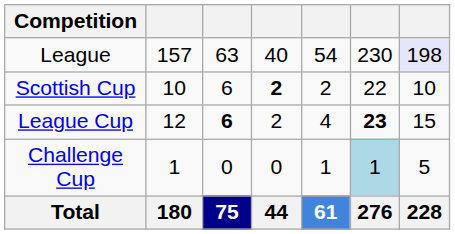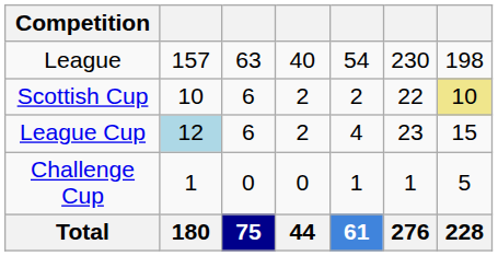 <table class="wikitable" style="text-align:center">
 <tr>
 <th width=100>Competition</th>
 <th width=35></th>
 <th width=30></th>
 <th width=30></th>
 <th width=30></th>
 <th width=30></th>
 <th width=30></th>
 </tr>
 <tr>
 <td>League</td>
 <td>157</td>
 <td>63</td>
 <td>40</td>
 <td>54</td>
 <td>230</td>
-<td style="background: lavender;">198</td>
+<td>198</td>
 </tr>
 <tr>
 <td><a href='#'>Scottish Cup</a></td>
 <td>10</td>
 <td>6</td>
-<td><strong>2</strong></td>
+<td>2</td>
 <td>2</td>
 <td>22</td>
-<td>10</td>
+<td style="background: khaki;">10</td>
 </tr>
 <tr>
 <td><a href='#'>League Cup</a></td>
-<td>12</td>
-<td><strong>6</strong></td>
+<td style="background: lightblue;">12</td>
+<td>6</td>
 <td>2</td>
 <td>4</td>
-<td><strong>23</strong></td>
+<td>23</td>
 <td>15</td>
 </tr>
 <tr>
 <td><a href='#'>Challenge Cup</a></td>
 <td>1</td>
 <td>0</td>
 <td>0</td>
 <td>1</td>
-<td style="background: lightblue;">1</td>
+<td>1</td>
 <td>5</td>
 </tr>
 <tr>
 <th>Total</th>
 <th>180</th>
 <th style="text-align:center; color:#FFFFFF; background:#00008B;">75</th>
 <th>44</th>
 <th style="text-align:center; color:#FFFFFF; background:#4084DC;">61</th>
 <th>276</th>
 <th>228</th>
 </tr>
 </table>
